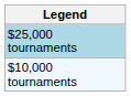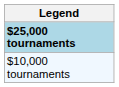 <table class="wikitable" style="font-size:85%; width:15%;">
 <tr>
 <th>Legend</th>
 </tr>
 <tr style="background:lightblue;">
-<td>$25,000 tournaments</td>
+<td><strong>$25,000 tournaments</strong></td>
 </tr>
 <tr style="background:#f0f8ff;">
 <td>$10,000 tournaments</td>
 </tr>
 </table>
